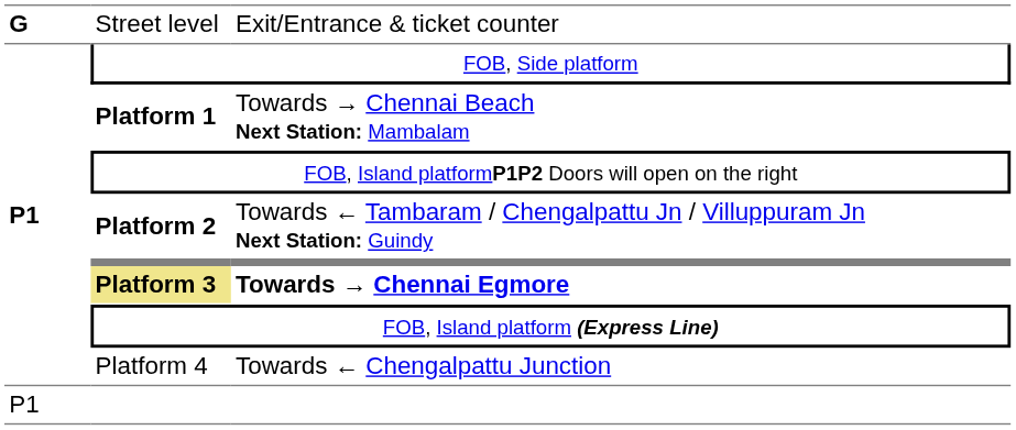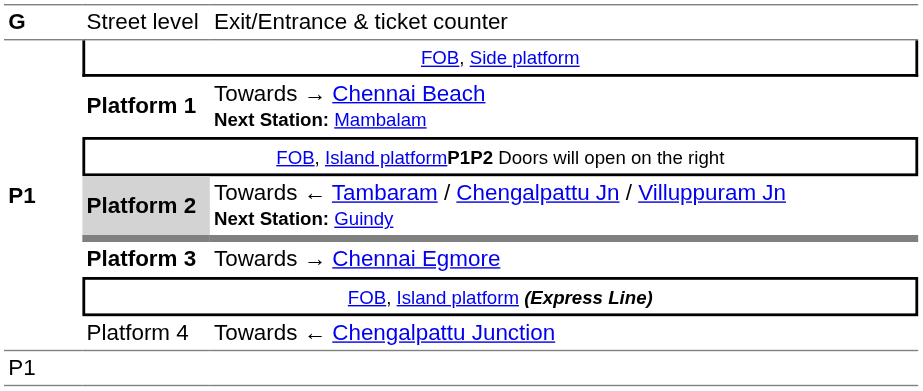 <table cellpadding="3" cellspacing="0" border="0">
 <tr>
 <td valign="top" width="30" style="border-top:solid 1px gray;border-bottom:solid 1px gray;"><strong>G</strong></td>
 <td valign="top" width="85" style="border-top:solid 1px gray;border-bottom:solid 1px gray;">Street level</td>
 <td valign="top" width="500" style="border-top:solid 1px gray;border-bottom:solid 1px gray;">Exit/Entrance & ticket counter</td>
 </tr>
 <tr>
 <td rowspan="7" style="border-bottom:solid 1px gray;" width="50" valign="center"><strong>P1</strong></td>
 <td colspan="2" style="border-right:solid 2px black;border-left:solid 2px black;border-bottom:solid 2px black;text-align:center;"><a href='#'><small>FOB</small></a><small>, <a href='#'>Side platform</a></small></td>
 </tr>
 <tr>
 <td width="85" style="border-bottom:solid 1px white;"><span><strong>Platform 1</strong></span></td>
 <td width="500" style="border-bottom:solid 1px white;">Towards → <a href='#'>Chennai Beach</a><br><small><strong>Next Station:</strong> <a href='#'>Mambalam</a></small></td>
 </tr>
 <tr>
 <td colspan="2" style="border-top:solid 2px black;border-right:solid 2px black;border-left:solid 2px black;border-bottom:solid 2px black;text-align:center;"><a href='#'><small>FOB</small></a><small>, <a href='#'>Island platform</a><strong>P1</strong><strong>P2</strong> Doors will open on the right</small></td>
 </tr>
 <tr>
-<td width="85" style="border-bottom:solid 5px gray;"><span><strong>Platform 2</strong></span></td>
+<td width="85" style="background: lightgrey; border-bottom:solid 5px gray;"><span><strong>Platform 2</strong></span></td>
 <td width="500" style="border-bottom:solid 5px gray;">Towards ← <a href='#'>Tambaram</a> / <a href='#'>Chengalpattu Jn</a> / <a href='#'>Villuppuram Jn</a><br><small><strong>Next Station:</strong> <a href='#'>Guindy</a></small></td>
 </tr>
 <tr>
-<td width="85" style="background: khaki; border-bottom:solid 1px white;"><span><strong>Platform 3</strong></span></td>
-<td style="border-bottom:solid 1px white;" width="500"><strong>Towards → <a href='#'>Chennai Egmore</a></strong></td>
+<td width="85" style="border-bottom:solid 1px white;"><span><strong>Platform 3</strong></span></td>
+<td style="border-bottom:solid 1px white;" width="500">Towards → <a href='#'>Chennai Egmore</a></td>
 </tr>
 <tr>
 <td colspan="2" style="border-top:solid 2px black;border-right:solid 2px black;border-left:solid 2px black;border-bottom:solid 2px black;text-align:center;"><a href='#'><small>FOB</small></a><small>, <a href='#'>Island platform</a> <strong></strong> <strong><em>(Express Line)<strong><em></small></td>
 </tr>
 <tr>
 <td width="85" style="border-bottom:solid 1px gray;"><span></strong>Platform 4<strong></span></td>
 <td style="border-bottom:solid 1px gray;" width="500">Towards ← <a href='#'>Chengalpattu Junction</a></td>
 </tr>
 <tr>
 <td style="border-bottom:solid 1px gray;" width="50" valign="top"></strong>P1<strong></td>
 <td style="border-bottom:solid 1px gray;" width="50" valign="top"></td>
 <td style="border-bottom:solid 1px gray;" width="50" valign="top"></td>
 </tr>
 <tr>
 </tr>
 </table>
